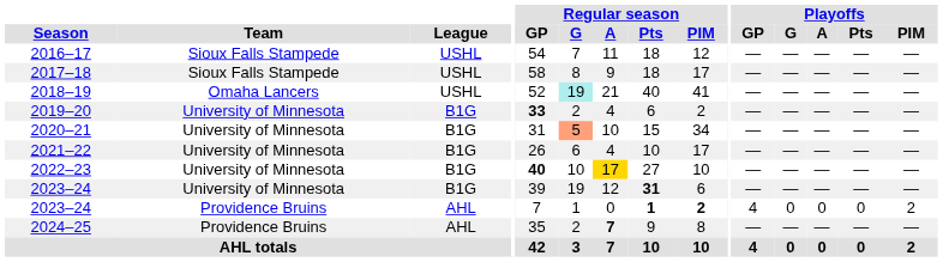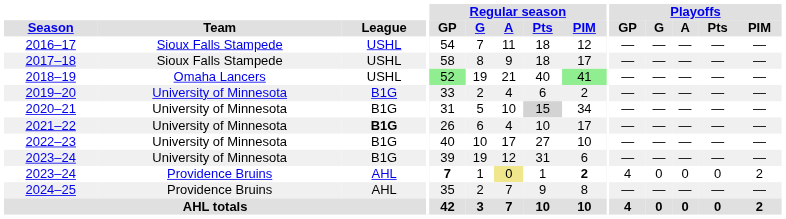 <table border="0" cellpadding="1" cellspacing="0" style="text-align:center; width:60em;">
 <tr bgcolor="#e0e0e0">
 <th colspan="3" bgcolor="#ffffff"></th>
 <th rowspan="101" bgcolor="#ffffff"></th>
 <th colspan="5"><a href='#'>Regular season</a></th>
 <th rowspan="101" bgcolor="#ffffff"></th>
 <th colspan="5"><a href='#'>Playoffs</a></th>
 </tr>
 <tr bgcolor="#e0e0e0">
 <th><a href='#'>Season</a></th>
 <th>Team</th>
 <th>League</th>
 <th>GP</th>
 <th><a href='#'>G</a></th>
 <th><a href='#'>A</a></th>
 <th><a href='#'>Pts</a></th>
 <th><a href='#'>PIM</a></th>
 <th>GP</th>
 <th>G</th>
 <th>A</th>
 <th>Pts</th>
 <th>PIM</th>
 </tr>
 <tr>
 <td><a href='#'>2016–17</a></td>
 <td><a href='#'>Sioux Falls Stampede</a></td>
 <td><a href='#'>USHL</a></td>
 <td>54</td>
 <td>7</td>
 <td>11</td>
 <td>18</td>
 <td>12</td>
 <td>—</td>
 <td>—</td>
 <td>—</td>
 <td>—</td>
 <td>—</td>
 </tr>
 <tr bgcolor="#f0f0f0">
 <td><a href='#'>2017–18</a></td>
 <td>Sioux Falls Stampede</td>
 <td>USHL</td>
 <td>58</td>
 <td>8</td>
 <td>9</td>
 <td>18</td>
 <td>17</td>
 <td>—</td>
 <td>—</td>
 <td>—</td>
 <td>—</td>
 <td>—</td>
 </tr>
 <tr>
 <td><a href='#'>2018–19</a></td>
 <td><a href='#'>Omaha Lancers</a></td>
 <td>USHL</td>
-<td>52</td>
-<td style="background: paleturquoise;">19</td>
+<td style="background: lightgreen;">52</td>
+<td>19</td>
 <td>21</td>
 <td>40</td>
-<td>41</td>
+<td style="background: lightgreen;">41</td>
 <td>—</td>
 <td>—</td>
 <td>—</td>
 <td>—</td>
 <td>—</td>
 </tr>
 <tr bgcolor="#f0f0f0">
 <td><a href='#'>2019–20</a></td>
 <td><a href='#'>University of Minnesota</a></td>
 <td><a href='#'>B1G</a></td>
-<td><strong>33</strong></td>
+<td>33</td>
 <td>2</td>
 <td>4</td>
 <td>6</td>
 <td>2</td>
 <td>—</td>
 <td>—</td>
 <td>—</td>
 <td>—</td>
 <td>—</td>
 </tr>
 <tr>
 <td><a href='#'>2020–21</a></td>
 <td>University of Minnesota</td>
 <td>B1G</td>
 <td>31</td>
-<td style="background: lightsalmon;">5</td>
+<td>5</td>
 <td>10</td>
-<td>15</td>
+<td style="background: lightgrey;">15</td>
 <td>34</td>
 <td>—</td>
 <td>—</td>
 <td>—</td>
 <td>—</td>
 <td>—</td>
 </tr>
 <tr bgcolor="#f0f0f0">
 <td><a href='#'>2021–22</a></td>
 <td>University of Minnesota</td>
-<td>B1G</td>
+<td><strong>B1G</strong></td>
 <td>26</td>
 <td>6</td>
 <td>4</td>
 <td>10</td>
 <td>17</td>
 <td>—</td>
 <td>—</td>
 <td>—</td>
 <td>—</td>
 <td>—</td>
 </tr>
 <tr>
 <td><a href='#'>2022–23</a></td>
 <td>University of Minnesota</td>
 <td>B1G</td>
-<td><strong>40</strong></td>
+<td>40</td>
 <td>10</td>
-<td style="background: gold;">17</td>
+<td>17</td>
 <td>27</td>
 <td>10</td>
 <td>—</td>
 <td>—</td>
 <td>—</td>
 <td>—</td>
 <td>—</td>
 </tr>
 <tr bgcolor="#f0f0f0">
 <td><a href='#'>2023–24</a></td>
 <td>University of Minnesota</td>
 <td>B1G</td>
 <td>39</td>
 <td>19</td>
 <td>12</td>
-<td><strong>31</strong></td>
+<td>31</td>
 <td>6</td>
 <td>—</td>
 <td>—</td>
 <td>—</td>
 <td>—</td>
 <td>—</td>
 </tr>
 <tr>
 <td><a href='#'>2023–24</a></td>
 <td><a href='#'>Providence Bruins</a></td>
 <td><a href='#'>AHL</a></td>
-<td>7</td>
+<td><strong>7</strong></td>
 <td>1</td>
-<td>0</td>
-<td><strong>1</strong></td>
+<td style="background: khaki;">0</td>
+<td>1</td>
 <td><strong>2</strong></td>
 <td>4</td>
 <td>0</td>
 <td>0</td>
 <td>0</td>
 <td>2</td>
 </tr>
 <tr bgcolor="#f0f0f0">
 <td><a href='#'>2024–25</a></td>
 <td>Providence Bruins</td>
 <td>AHL</td>
 <td>35</td>
 <td>2</td>
-<td><strong>7</strong></td>
+<td>7</td>
 <td>9</td>
 <td>8</td>
 <td>—</td>
 <td>—</td>
 <td>—</td>
 <td>—</td>
 <td>—</td>
 </tr>
 <tr bgcolor="#e0e0e0">
 <th colspan="3">AHL totals</th>
 <th>42</th>
 <th>3</th>
 <th>7</th>
 <th>10</th>
 <th>10</th>
 <th>4</th>
 <th>0</th>
 <th>0</th>
 <th>0</th>
 <th>2</th>
 </tr>
 </table>
